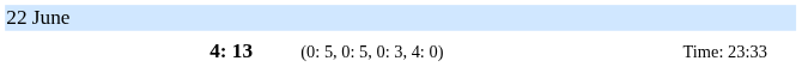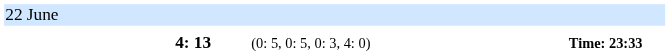 <table style="text-align:center">
 <tr style="text-align:left; background:#d0e7ff;">
 <td colspan=6>22 June</td>
 </tr>
 <tr style="font-size:90%; vertical-align:top;">
 <th width=140></th>
 <th width=60></th>
 <th width=150></th>
 <th width=140></th>
 <th width=100></th>
 </tr>
 <tr>
 <td align=right></td>
 <td><strong>4: 13</strong></td>
 <td><small>(0: 5, 0: 5, 0: 3, 4: 0)</small></td>
 <td align=left></td>
-<td><small>Time: 23:33</small></td>
+<td><strong><small>Time: 23:33</small></strong></td>
 <td></td>
 </tr>
 </table>
